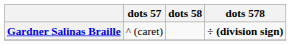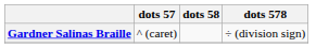 <table class="wikitable">
 <tr>
 <th></th>
 <th>dots 57</th>
 <th>dots 58</th>
 <th>dots 578</th>
 </tr>
 <tr>
 <th align=left><a href='#'>Gardner Salinas Braille</a></th>
 <td>^ (caret)</td>
 <td></td>
-<td><strong>÷ (division sign)</strong></td>
+<td>÷ (division sign)</td>
 </tr>
 <tr>
 </tr>
 <tr>
 </tr>
 </table>
